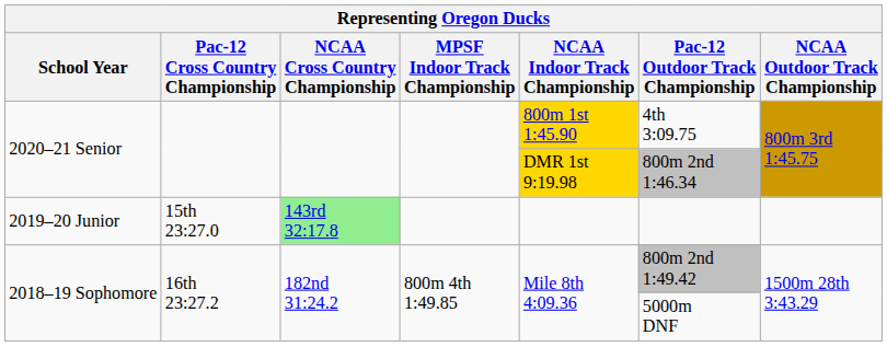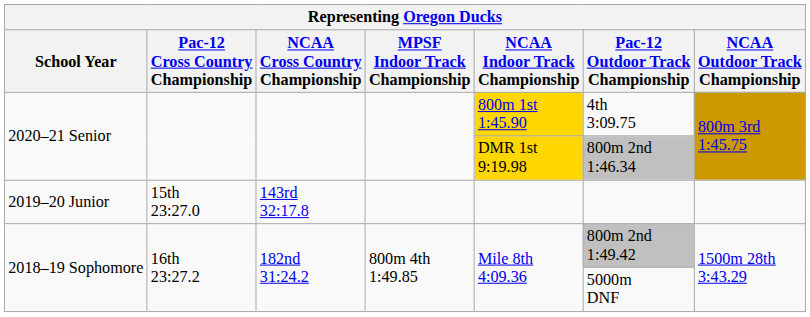 <table class="wikitable sortable">
 <tr>
 <th colspan="7">Representing <a href='#'>Oregon Ducks</a></th>
 </tr>
 <tr>
 <th>School Year</th>
 <th><a href='#'>Pac-12</a><br><a href='#'>Cross Country</a><br>Championship</th>
 <th><a href='#'>NCAA</a><br><a href='#'>Cross Country</a><br>Championship</th>
 <th><a href='#'>MPSF</a><br><a href='#'>Indoor Track</a><br>Championship</th>
 <th><a href='#'>NCAA</a><br><a href='#'>Indoor Track</a><br>Championship</th>
 <th><a href='#'>Pac-12</a><br><a href='#'>Outdoor Track</a><br>Championship</th>
 <th><a href='#'>NCAA</a><br><a href='#'>Outdoor Track</a><br>Championship</th>
 </tr>
 <tr>
 <td rowspan=2>2020–21 Senior</td>
 <td rowspan=2></td>
 <td rowspan=2></td>
 <td rowspan=2></td>
 <td bgcolor=gold><a href='#'>800m 1st<br>1:45.90</a></td>
 <td> 4th <br>3:09.75</td>
 <td style="background:#c90;" rowspan=2><a href='#'>800m 3rd<br>1:45.75</a></td>
 </tr>
 <tr>
 <td bgcolor=gold>DMR 1st<br>9:19.98</td>
 <td bgcolor=silver>800m 2nd<br>1:46.34</td>
 </tr>
 <tr>
 <td rowspan=1>2019–20 Junior</td>
 <td rowspan=1>15th<br>23:27.0</td>
-<td rowspan=1 style="background: lightgreen;"><a href='#'>143rd<br>32:17.8</a></td>
+<td rowspan=1><a href='#'>143rd<br>32:17.8</a></td>
 <td rowspan=1></td>
 <td rowspan=1></td>
 <td></td>
 <td></td>
 </tr>
 <tr>
 <td rowspan=2>2018–19 Sophomore</td>
 <td rowspan=2>16th<br>23:27.2</td>
 <td rowspan=2><a href='#'>182nd<br>31:24.2</a></td>
 <td rowspan=2>800m 4th<br>1:49.85</td>
 <td rowspan=2><a href='#'>Mile 8th<br>4:09.36</a></td>
 <td bgcolor=silver>800m 2nd<br>1:49.42</td>
 <td rowspan=2><a href='#'>1500m 28th<br>3:43.29</a></td>
 </tr>
 <tr>
 <td>5000m<br>DNF</td>
 </tr>
 </table>
